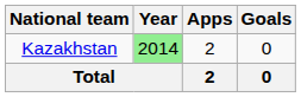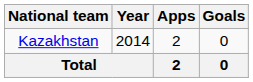 <table class="wikitable" style="text-align:center">
 <tr>
 <th>National team</th>
 <th>Year</th>
 <th>Apps</th>
 <th>Goals</th>
 </tr>
 <tr>
 <td><a href='#'>Kazakhstan</a></td>
-<td style="background: lightgreen;">2014</td>
+<td>2014</td>
 <td>2</td>
 <td>0</td>
 </tr>
 <tr>
 <th colspan="2">Total</th>
 <th>2</th>
 <th>0</th>
 </tr>
 </table>
